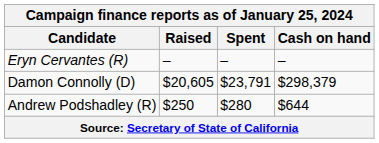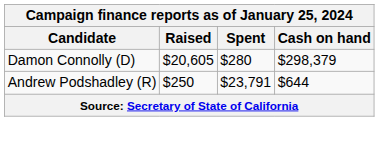 <table class="wikitable sortable">
 <tr>
 <th colspan=4>Campaign finance reports as of January 25, 2024</th>
 </tr>
 <tr style="text-align:center;">
 <th>Candidate</th>
 <th>Raised</th>
 <th>Spent</th>
 <th>Cash on hand</th>
 </tr>
 <tr>
-<td style="background-color:"><em>Eryn Cervantes (R)</em></td>
-<td>–</td>
-<td>–</td>
-<td>–</td>
-</tr>
-<tr>
 <td style="color:black;background-color:">Damon Connolly (D)</td>
 <td>$20,605</td>
-<td>$23,791</td>
+<td>$280</td>
 <td>$298,379</td>
 </tr>
 <tr>
 <td style="background-color:">Andrew Podshadley (R)</td>
 <td>$250</td>
-<td>$280</td>
+<td>$23,791</td>
 <td>$644</td>
 </tr>
 <tr>
 <th colspan="4"><small>Source: <a href='#'>Secretary of State of California</a></small></th>
 </tr>
 </table>
